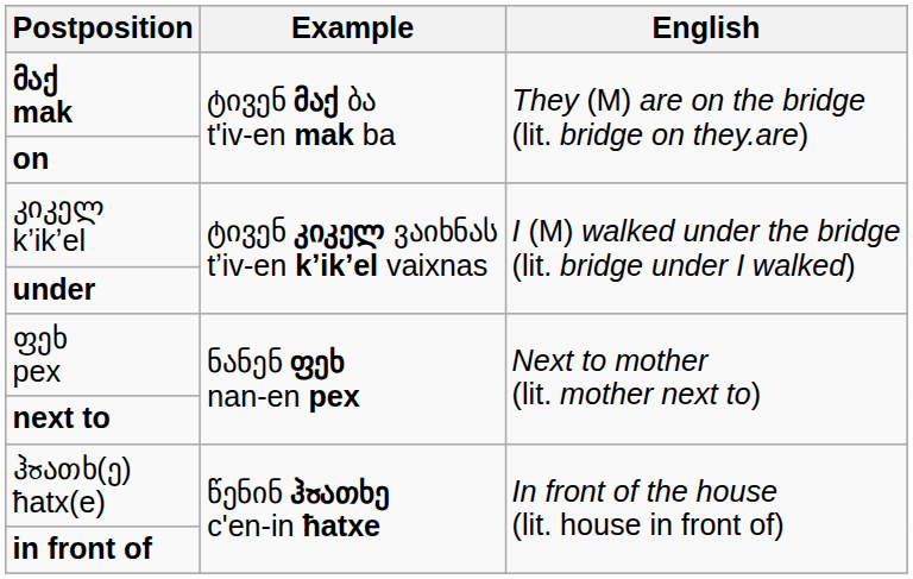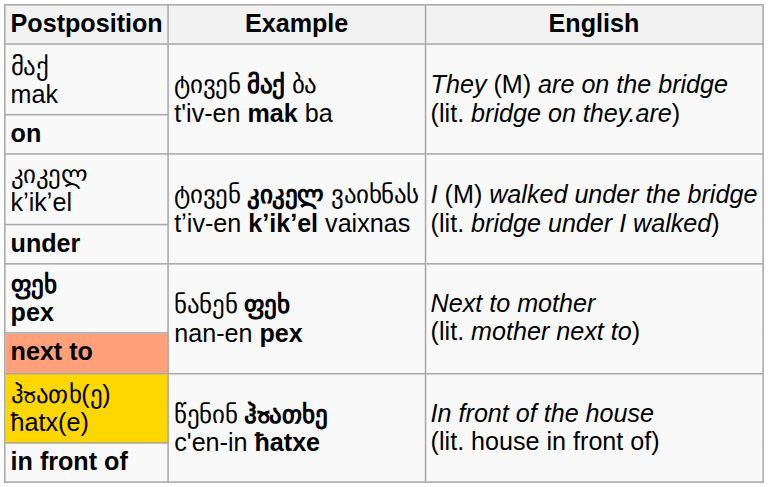 <table class="wikitable">
 <tr>
 <th>Postposition</th>
 <th>Example</th>
 <th>English</th>
 </tr>
 <tr>
-<td><strong>მაქ<br>mak</strong></td>
+<td>მაქ<br>mak</td>
 <td rowspan="2">ტივენ <strong>მაქ</strong> ბა<br>t'iv-en <strong>mak</strong> ba</td>
 <td rowspan="2"><em>They</em> (M) <em>are on the bridge</em><br>(lit. <em>bridge on they.are</em>)</td>
 </tr>
 <tr>
 <td><strong>on</strong></td>
 </tr>
 <tr>
 <td>კიკელ<br>kʼikʼel</td>
 <td rowspan="2">ტივენ <strong>კიკელ</strong> ვაიხნას<br>tʼiv-en <strong>kʼikʼel</strong> vaixnas</td>
 <td rowspan="2"><em>I</em> (M) <em>walked under the bridge</em><br>(lit. <em>bridge under I walked</em>)</td>
 </tr>
 <tr>
 <td><strong>under</strong></td>
 </tr>
 <tr>
-<td>ფეხ<br>pex</td>
+<td><strong>ფეხ<br>pex</strong></td>
 <td rowspan="2">ნანენ <strong>ფეხ</strong><br>nan-en <strong>pex</strong></td>
 <td rowspan="2"><em>Next to mother</em><br>(lit. <em>mother next to</em>)</td>
 </tr>
 <tr>
-<td><strong>next to</strong></td>
+<td style="background: lightsalmon;"><strong>next to</strong></td>
 </tr>
 <tr>
-<td>ჰჾათხ(ე)<br>ħatx(e)</td>
+<td style="background: gold;">ჰჾათხ(ე)<br>ħatx(e)</td>
 <td rowspan="2">წენინ <strong>ჰჾათხე</strong><br>c'en-in <strong>ħatxe</strong></td>
 <td rowspan="2"><em>In front of the house</em><br>(lit. house in front of)</td>
 </tr>
 <tr>
 <td><strong>in front of</strong></td>
 </tr>
 </table>
